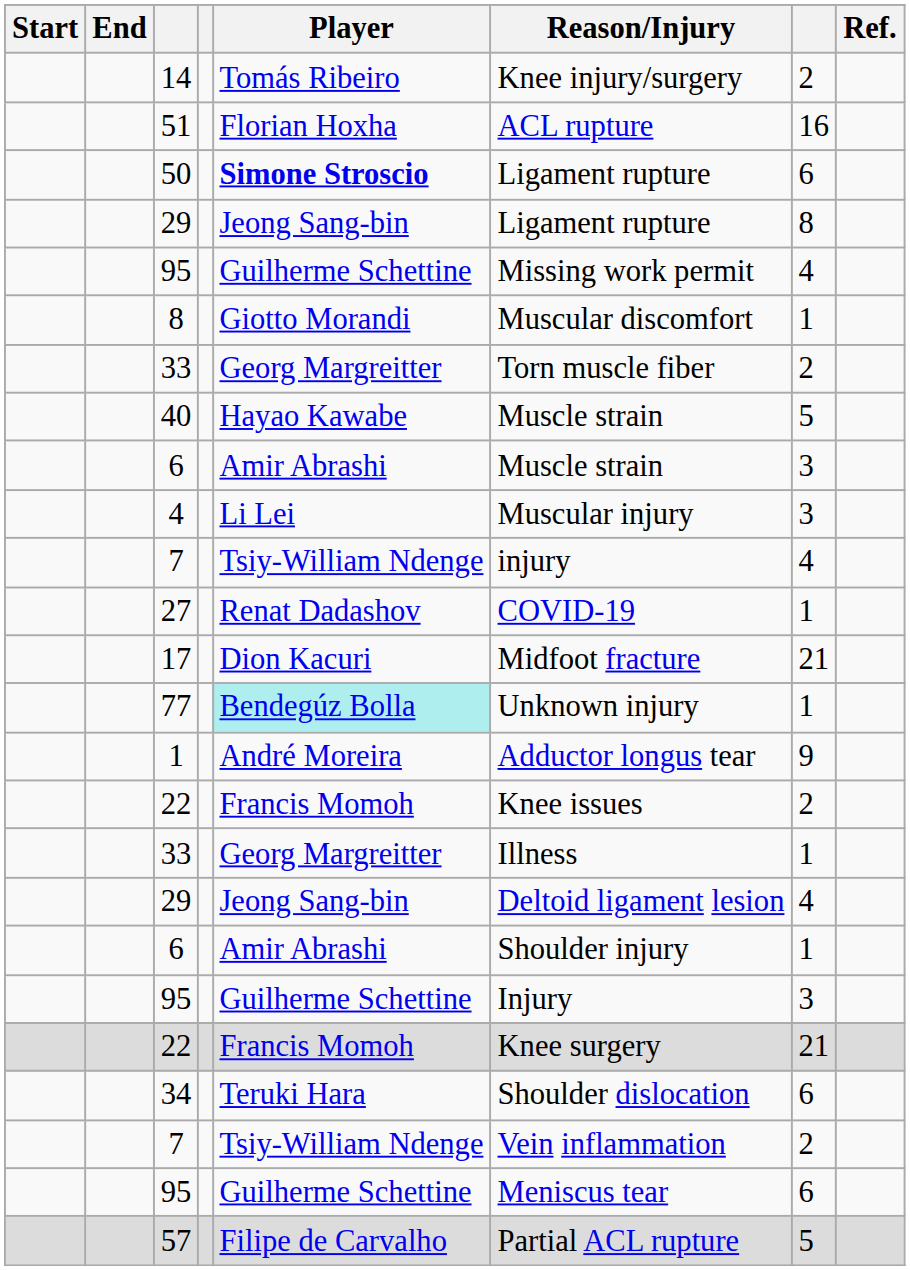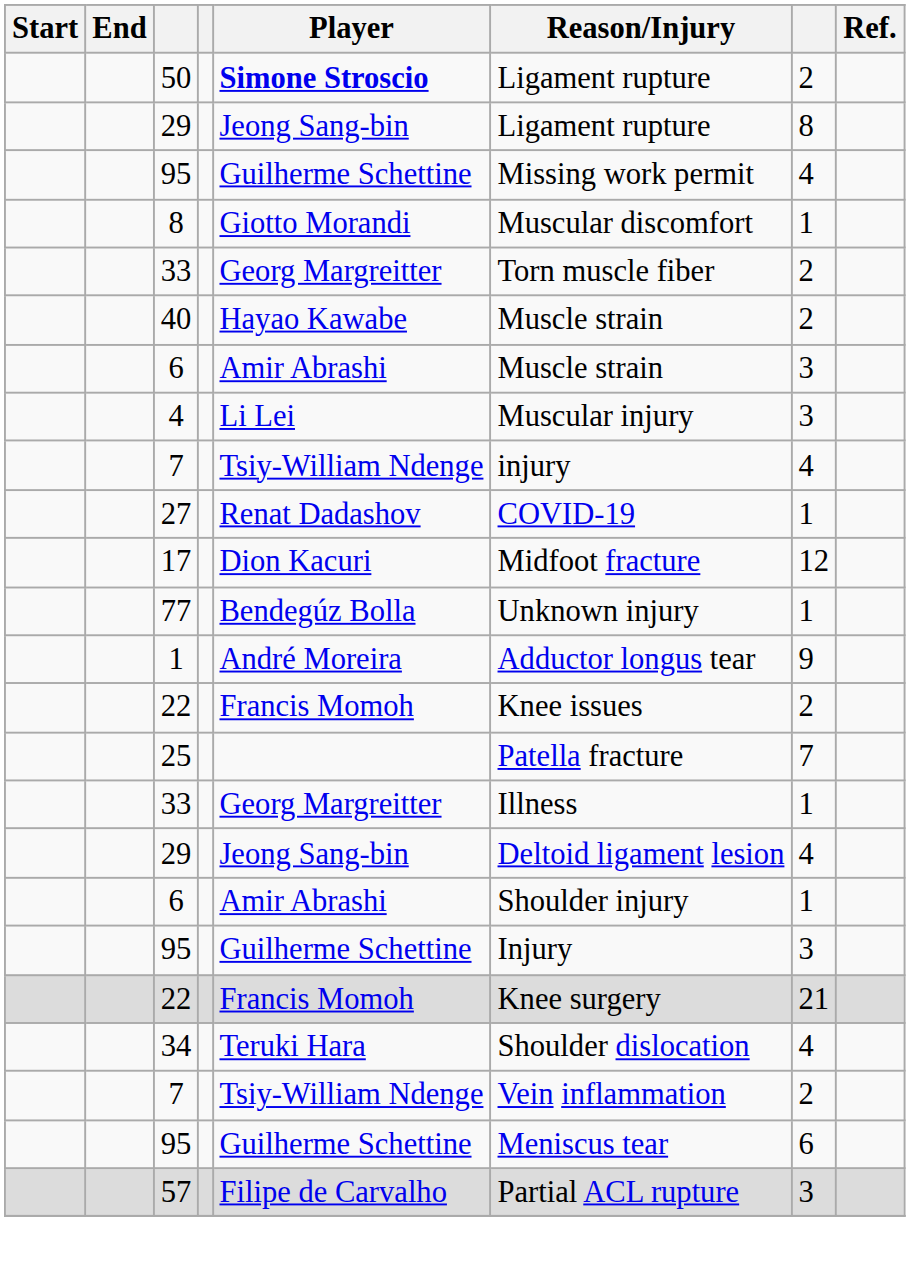 <table class="wikitable plainrowheaders sortable">
 <tr>
 <th scope=col>Start</th>
 <th scope=col>End</th>
 <th></th>
 <th></th>
 <th scope=col>Player</th>
 <th>Reason/Injury</th>
 <th scope=col></th>
 <th scope=col>Ref.</th>
 </tr>
 <tr>
 <td></td>
 <td></td>
-<td style="text-align:center">14</td>
-<td style="text-align:center"></td>
-<td> <a href='#'>Tomás Ribeiro</a></td>
-<td>Knee injury/surgery</td>
-<td>2</td>
-<td></td>
-</tr>
-<tr>
-<td></td>
-<td></td>
-<td style="text-align:center">51</td>
-<td style="text-align:center"></td>
-<td> <a href='#'>Florian Hoxha</a></td>
-<td><a href='#'>ACL rupture</a></td>
-<td>16</td>
-<td></td>
-</tr>
-<tr>
-<td></td>
-<td></td>
 <td style="text-align:center">50</td>
 <td style="text-align:center"></td>
 <td><strong> <a href='#'>Simone Stroscio</a></strong></td>
 <td>Ligament rupture</td>
-<td>6</td>
+<td>2</td>
 <td></td>
 </tr>
 <tr>
 <td></td>
 <td></td>
 <td style="text-align:center">29</td>
 <td style="text-align:center"></td>
 <td> <a href='#'>Jeong Sang-bin</a></td>
 <td>Ligament rupture</td>
 <td>8</td>
 <td></td>
 </tr>
 <tr>
 <td></td>
 <td></td>
 <td style="text-align:center">95</td>
 <td style="text-align:center"></td>
 <td> <a href='#'>Guilherme Schettine</a></td>
 <td>Missing work permit</td>
 <td>4</td>
 <td></td>
 </tr>
 <tr>
 <td></td>
 <td></td>
 <td style="text-align:center">8</td>
 <td style="text-align:center"></td>
 <td> <a href='#'>Giotto Morandi</a></td>
 <td>Muscular discomfort</td>
 <td>1</td>
 <td></td>
 </tr>
 <tr>
 <td></td>
 <td></td>
 <td style="text-align:center">33</td>
 <td style="text-align:center"></td>
 <td> <a href='#'>Georg Margreitter</a></td>
 <td>Torn muscle fiber</td>
 <td>2</td>
 <td></td>
 </tr>
 <tr>
 <td></td>
 <td></td>
 <td style="text-align:center">40</td>
 <td style="text-align:center"></td>
 <td> <a href='#'>Hayao Kawabe</a></td>
 <td>Muscle strain</td>
-<td>5</td>
+<td>2</td>
 <td></td>
 </tr>
 <tr>
 <td></td>
 <td></td>
 <td style="text-align:center">6</td>
 <td style="text-align:center"></td>
 <td> <a href='#'>Amir Abrashi</a></td>
 <td>Muscle strain</td>
 <td>3</td>
 <td></td>
 </tr>
 <tr>
 <td></td>
 <td></td>
 <td style="text-align:center">4</td>
 <td style="text-align:center"></td>
 <td> <a href='#'>Li Lei</a></td>
 <td>Muscular injury</td>
 <td>3</td>
 <td></td>
 </tr>
 <tr>
 <td></td>
 <td></td>
 <td style="text-align:center">7</td>
 <td style="text-align:center"></td>
 <td> <a href='#'>Tsiy-William Ndenge</a></td>
 <td> injury</td>
 <td>4</td>
 <td></td>
 </tr>
 <tr>
 <td></td>
 <td></td>
 <td style="text-align:center">27</td>
 <td style="text-align:center"></td>
 <td> <a href='#'>Renat Dadashov</a></td>
 <td><a href='#'>COVID-19</a></td>
 <td>1</td>
 <td></td>
 </tr>
 <tr>
 <td></td>
 <td></td>
 <td style="text-align:center">17</td>
 <td style="text-align:center"></td>
 <td> <a href='#'>Dion Kacuri</a></td>
 <td>Midfoot <a href='#'>fracture</a></td>
-<td>21</td>
+<td>12</td>
 <td></td>
 </tr>
 <tr>
 <td></td>
 <td></td>
 <td style="text-align:center">77</td>
 <td style="text-align:center"></td>
-<td style="background: paleturquoise;"> <a href='#'>Bendegúz Bolla</a></td>
+<td> <a href='#'>Bendegúz Bolla</a></td>
 <td>Unknown injury</td>
 <td>1</td>
 <td></td>
 </tr>
 <tr>
 <td></td>
 <td></td>
 <td style="text-align:center">1</td>
 <td style="text-align:center"></td>
 <td> <a href='#'>André Moreira</a></td>
 <td><a href='#'>Adductor longus</a> tear</td>
 <td>9</td>
 <td></td>
 </tr>
 <tr>
 <td></td>
 <td></td>
 <td style="text-align:center">22</td>
 <td style="text-align:center"></td>
 <td> <a href='#'>Francis Momoh</a></td>
 <td>Knee issues</td>
 <td>2</td>
+<td></td>
+</tr>
+<tr>
+<td></td>
+<td></td>
+<td style="text-align:center">25</td>
+<td style="text-align:center"></td>
+<td></td>
+<td><a href='#'>Patella</a> fracture</td>
+<td>7</td>
 <td></td>
 </tr>
 <tr>
 <td></td>
 <td></td>
 <td style="text-align:center">33</td>
 <td style="text-align:center"></td>
 <td> <a href='#'>Georg Margreitter</a></td>
 <td>Illness</td>
 <td>1</td>
 <td></td>
 </tr>
 <tr>
 <td></td>
 <td></td>
 <td style="text-align:center">29</td>
 <td style="text-align:center"></td>
 <td> <a href='#'>Jeong Sang-bin</a></td>
 <td><a href='#'>Deltoid ligament</a> <a href='#'>lesion</a></td>
 <td>4</td>
 <td></td>
 </tr>
 <tr>
 <td></td>
 <td></td>
 <td style="text-align:center">6</td>
 <td style="text-align:center"></td>
 <td> <a href='#'>Amir Abrashi</a></td>
 <td>Shoulder injury</td>
 <td>1</td>
 <td></td>
 </tr>
 <tr>
 <td></td>
 <td></td>
 <td style="text-align:center">95</td>
 <td style="text-align:center"></td>
 <td> <a href='#'>Guilherme Schettine</a></td>
 <td>Injury</td>
 <td>3</td>
 <td></td>
 </tr>
 <tr style="background:#dcdcdc;">
 <td></td>
 <td></td>
 <td style="text-align:center">22</td>
 <td style="text-align:center"></td>
 <td> <a href='#'>Francis Momoh</a></td>
 <td>Knee surgery</td>
 <td>21</td>
 <td></td>
 </tr>
 <tr>
 <td></td>
 <td></td>
 <td style="text-align:center">34</td>
 <td style="text-align:center"></td>
 <td> <a href='#'>Teruki Hara</a></td>
 <td>Shoulder <a href='#'>dislocation</a></td>
-<td>6</td>
+<td>4</td>
 <td></td>
 </tr>
 <tr>
 <td></td>
 <td></td>
 <td style="text-align:center">7</td>
 <td style="text-align:center"></td>
 <td> <a href='#'>Tsiy-William Ndenge</a></td>
 <td><a href='#'>Vein</a> <a href='#'>inflammation</a></td>
 <td>2</td>
 <td></td>
 </tr>
 <tr>
 <td></td>
 <td></td>
 <td style="text-align:center">95</td>
 <td style="text-align:center"></td>
 <td> <a href='#'>Guilherme Schettine</a></td>
 <td><a href='#'>Meniscus tear</a></td>
 <td>6</td>
 <td></td>
 </tr>
 <tr style="background:#dcdcdc;">
 <td></td>
 <td></td>
 <td style="text-align:center">57</td>
 <td style="text-align:center"></td>
 <td> <a href='#'>Filipe de Carvalho</a></td>
 <td>Partial <a href='#'>ACL rupture</a></td>
-<td>5</td>
+<td>3</td>
 <td></td>
 </tr>
 <tr>
 </tr>
 </table>
